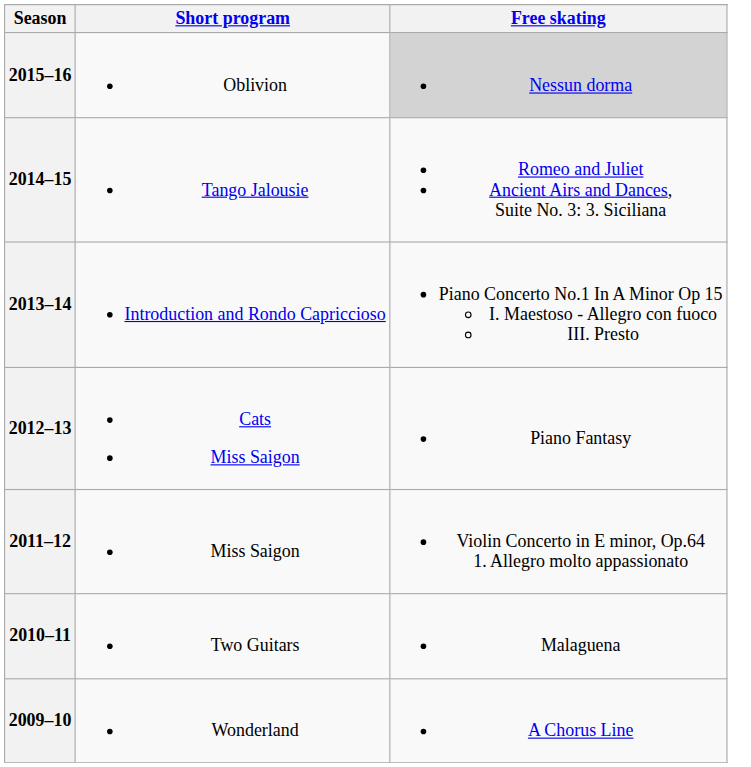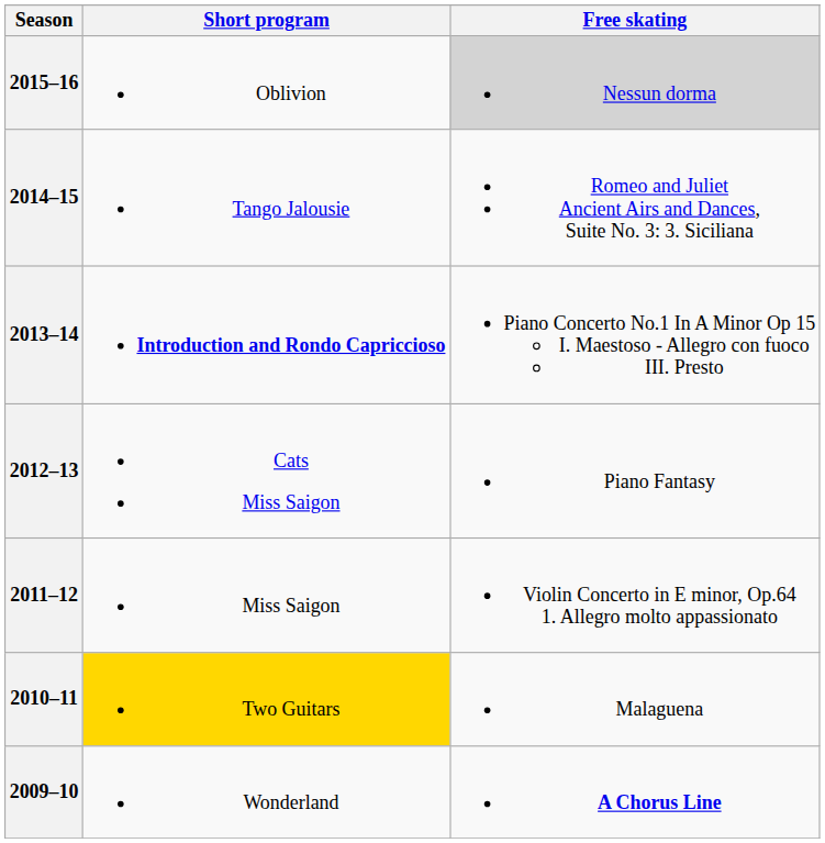 <table class="wikitable" style="text-align:center">
 <tr>
 </tr>
 <tr>
 <th>Season</th>
 <th><a href='#'>Short program</a></th>
 <th><a href='#'>Free skating</a></th>
 </tr>
 <tr>
 <th>2015–16 <br></th>
 <td><br><ul><li>Oblivion <br></li></ul></td>
 <td style="background: lightgrey;"><br><ul><li><a href='#'>Nessun dorma</a> <br></li></ul></td>
 </tr>
 <tr>
 <th>2014–15 <br></th>
 <td><br><ul><li><a href='#'>Tango Jalousie</a> <br></li></ul></td>
 <td><br><ul><li><a href='#'>Romeo and Juliet</a> <br></li><li><a href='#'>Ancient Airs and Dances</a>,<br> Suite No. 3: 3. Siciliana <br></li></ul></td>
 </tr>
 <tr>
 <th>2013–14</th>
-<td><br><ul><li><a href='#'>Introduction and Rondo Capriccioso</a> <br></li></ul></td>
+<td><strong><br><ul><li><a href='#'>Introduction and Rondo Capriccioso</a> <br></li></ul></strong></td>
 <td><br><ul><li>Piano Concerto No.1 In A Minor Op 15 <br><ul><li>I. Maestoso - Allegro con fuoco</li><li>III. Presto</li></ul></li></ul></td>
 </tr>
 <tr>
 <th>2012–13</th>
 <td><br><ul><li><a href='#'>Cats</a> <br></li></ul><ul><li><a href='#'>Miss Saigon</a> <br></li></ul></td>
 <td><br><ul><li>Piano Fantasy <br></li></ul></td>
 </tr>
 <tr>
 <th>2011–12</th>
 <td><br><ul><li>Miss Saigon <br></li></ul></td>
 <td><br><ul><li>Violin Concerto in E minor, Op.64 <br> 1. Allegro molto appassionato <br></li></ul></td>
 </tr>
 <tr>
 <th>2010–11</th>
-<td><br><ul><li>Two Guitars <br></li></ul></td>
+<td style="background: gold;"><br><ul><li>Two Guitars <br></li></ul></td>
 <td><br><ul><li>Malaguena <br></li></ul></td>
 </tr>
 <tr>
 <th>2009–10</th>
 <td><br><ul><li>Wonderland <br></li></ul></td>
-<td><br><ul><li><a href='#'>A Chorus Line</a> <br></li></ul></td>
+<td><strong><br><ul><li><a href='#'>A Chorus Line</a> <br></li></ul></strong></td>
 </tr>
 </table>
